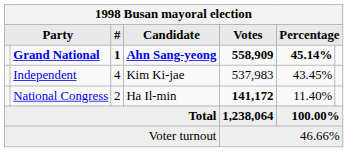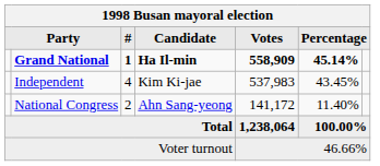 <table class="wikitable">
 <tr>
 <th colspan="7">1998 Busan mayoral election</th>
 </tr>
 <tr>
 <th style="background-color:#E9E9E9" colspan=2>Party</th>
 <th style="background-color:#E9E9E9">#</th>
 <th style="background-color:#E9E9E9">Candidate</th>
 <th style="background-color:#E9E9E9">Votes</th>
 <th style="background-color:#E9E9E9" colspan=2>Percentage</th>
 </tr>
 <tr style="font-weight:bold">
 <td></td>
 <td align=left><a href='#'>Grand National</a></td>
 <td align=center>1</td>
-<td align=left><a href='#'>Ahn Sang-yeong</a></td>
+<td align=left>Ha Il-min</td>
 <td align=right>558,909</td>
 <td align=right>45.14%</td>
 <td align=right></td>
 </tr>
 <tr>
 <td></td>
 <td align=left><a href='#'>Independent</a></td>
 <td align=center>4</td>
 <td align=left>Kim Ki-jae</td>
 <td align=right>537,983</td>
 <td align=right>43.45%</td>
 <td align=right></td>
 </tr>
 <tr>
 <td></td>
 <td align=left><a href='#'>National Congress</a></td>
 <td align=center>2</td>
-<td align=left>Ha Il-min</td>
-<td align=right><strong>141,172</strong></td>
+<td align=left><a href='#'>Ahn Sang-yeong</a></td>
+<td align=right>141,172</td>
 <td align=right>11.40%</td>
 <td align=right></td>
 </tr>
 <tr bgcolor="#EEEEEE" style="font-weight:bold">
 <td colspan="4" align=right>Total</td>
 <td align=right>1,238,064</td>
 <td align=right colspan=2>100.00%</td>
 </tr>
 <tr bgcolor="#EEEEEE">
 <td colspan="4" align="right">Voter turnout</td>
 <td colspan="3" align="right">46.66%</td>
 </tr>
 </table>
